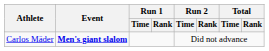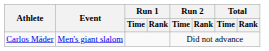 <table class="wikitable" style="font-size:90%">
 <tr>
 <th rowspan=2>Athlete</th>
 <th rowspan=2>Event</th>
 <th colspan=2>Run 1</th>
 <th colspan=2>Run 2</th>
 <th colspan=2>Total</th>
 </tr>
 <tr style="font-size:95%">
 <th>Time</th>
 <th>Rank</th>
 <th>Time</th>
 <th>Rank</th>
 <th>Time</th>
 <th>Rank</th>
 </tr>
 <tr align=center>
 <td align=left><a href='#'>Carlos Mäder</a></td>
-<td align=left><strong><a href='#'>Men's giant slalom</a></strong></td>
+<td align=left><a href='#'>Men's giant slalom</a></td>
 <td colspan=2></td>
 <td colspan=4>Did not advance</td>
 </tr>
 </table>
